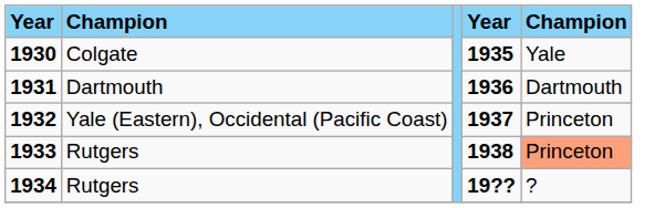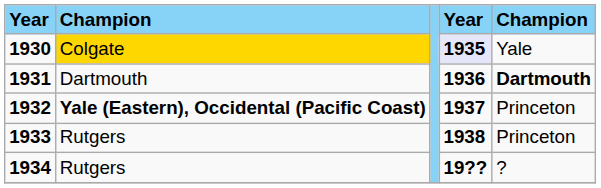 <table class="wikitable" style="font-size:85%;">
 <tr ! style="background-color: #87D3F8;">
 <td><strong>Year</strong></td>
 <td><strong>Champion</strong></td>
 <td rowspan=6></td>
 <td><strong>Year</strong></td>
 <td><strong>Champion</strong></td>
 </tr>
 <tr --->
 <td><strong>1930</strong></td>
-<td>Colgate</td>
-<td><strong>1935</strong></td>
+<td style="background: gold;">Colgate</td>
+<td style="background: lavender;"><strong>1935</strong></td>
 <td>Yale</td>
 </tr>
 <tr --->
 <td><strong>1931</strong></td>
 <td>Dartmouth</td>
 <td><strong>1936</strong></td>
-<td>Dartmouth</td>
+<td><strong>Dartmouth</strong></td>
 </tr>
 <tr --->
 <td><strong>1932</strong></td>
-<td>Yale (Eastern), Occidental (Pacific Coast)</td>
+<td><strong>Yale (Eastern), Occidental (Pacific Coast)</strong></td>
 <td><strong>1937</strong></td>
 <td>Princeton</td>
 </tr>
 <tr --->
 <td><strong>1933</strong></td>
 <td>Rutgers</td>
 <td><strong>1938</strong></td>
-<td style="background: lightsalmon;">Princeton</td>
+<td>Princeton</td>
 </tr>
 <tr --->
 <td><strong>1934</strong></td>
 <td>Rutgers</td>
 <td><strong>19??</strong></td>
 <td>?</td>
 </tr>
 <tr --->
 </tr>
 </table>
